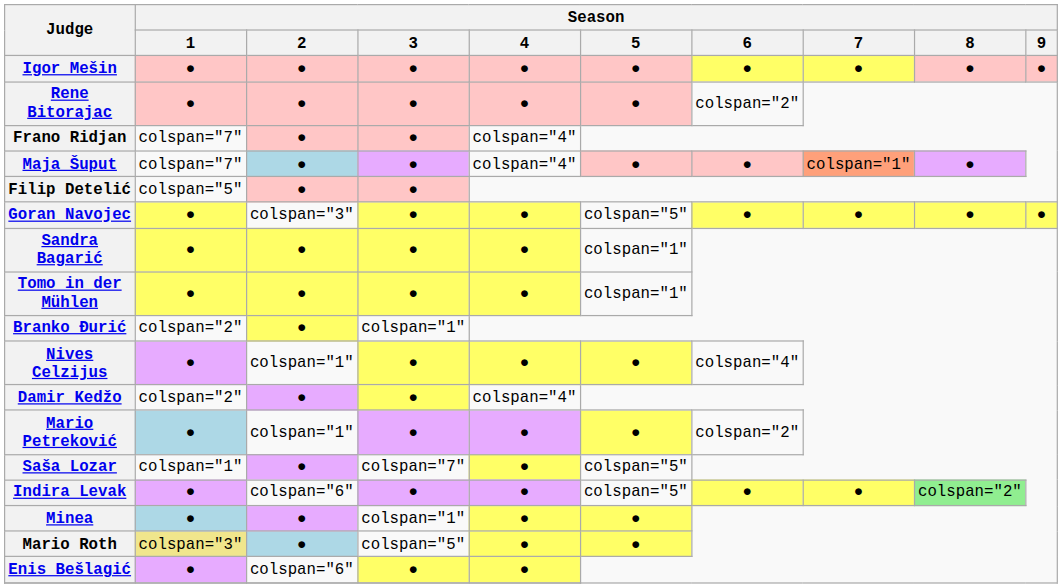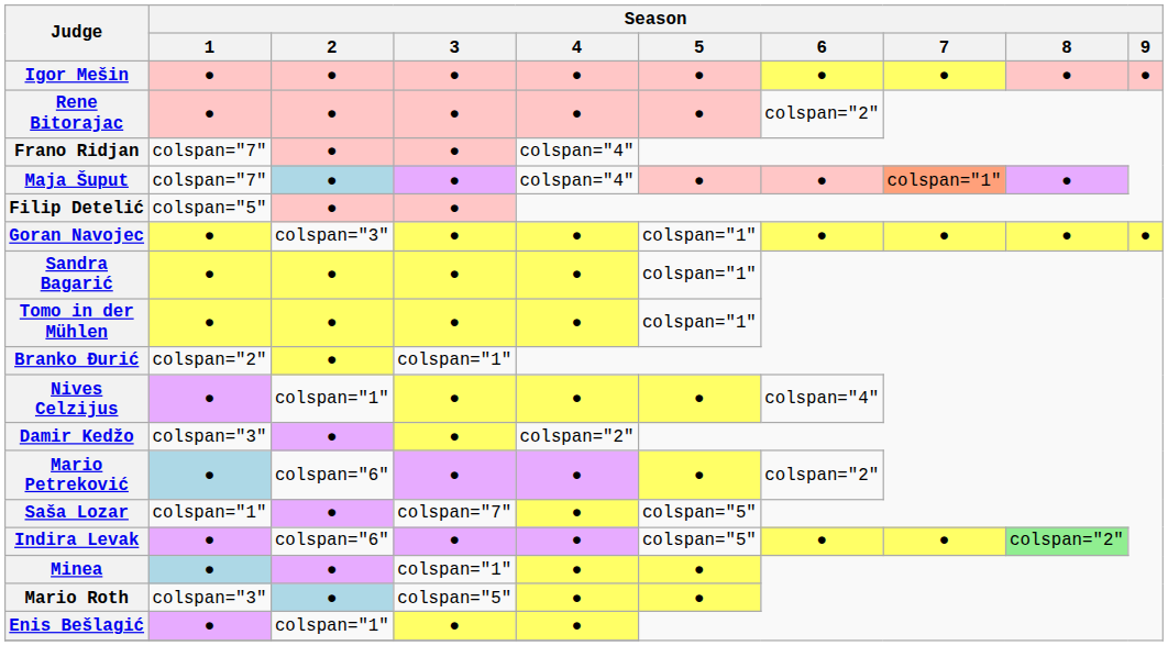 <table class="wikitable plainrowheaders" style="text-align:center">
 <tr>
 <th rowspan="2" style="width:20%;" scope="col">Judge</th>
 <th colspan="11">Season</th>
 </tr>
 <tr>
 <th style="width:7%;" scope="colspan">1</th>
 <th style="width:7%;" scope="colspan">2</th>
 <th style="width:7%;" scope="colspan">3</th>
 <th style="width:7%;" scope="colspan">4</th>
 <th style="width:7%;" scope="colspan">5</th>
 <th style="width:7%;" scope="colspan">6</th>
 <th style="width:7%;" scope="colspan">7</th>
 <th style="width:7%;" scope="colspan">8</th>
 <th style="width:7%;" scope="colspan">9</th>
 </tr>
 <tr>
 <th scope="row" style="text-align: center;"><a href='#'>Igor Mešin</a></th>
 <td bgcolor="ffc6c6">●</td>
 <td bgcolor="ffc6c6">●</td>
 <td bgcolor="ffc6c6">●</td>
 <td bgcolor="ffc6c6">●</td>
 <td bgcolor="ffc6c6">●</td>
 <td bgcolor="FFFF66">●</td>
 <td bgcolor="FFFF66">●</td>
 <td bgcolor="ffc6c6">●</td>
 <td bgcolor="ffc6c6">●</td>
 </tr>
 <tr>
 <th scope="row" style="text-align: center;"><a href='#'>Rene Bitorajac</a></th>
 <td bgcolor="ffc6c6">●</td>
 <td bgcolor="ffc6c6">●</td>
 <td bgcolor="ffc6c6">●</td>
 <td bgcolor="ffc6c6">●</td>
 <td bgcolor="ffc6c6">●</td>
 <td>colspan="2" </td>
 </tr>
 <tr>
 <th scope="row" style="text-align: center;">Frano Ridjan</th>
 <td>colspan="7" </td>
 <td bgcolor="ffc6c6">●</td>
 <td bgcolor="ffc6c6">●</td>
 <td>colspan="4" </td>
 </tr>
 <tr>
 <th scope="row" style="text-align: center;"><a href='#'>Maja Šuput</a></th>
 <td>colspan="7" </td>
 <td bgcolor="lightblue">●</td>
 <td bgcolor="#e7abff">●</td>
 <td>colspan="4" </td>
 <td bgcolor="ffc6c6">●</td>
 <td bgcolor="ffc6c6">●</td>
 <td style="background: lightsalmon;">colspan="1" </td>
 <td bgcolor="#e7abff">●</td>
 </tr>
 <tr>
 <th scope="row" style="text-align: center;">Filip Detelić</th>
 <td>colspan="5" </td>
 <td bgcolor="ffc6c6">●</td>
 <td bgcolor="ffc6c6">●</td>
 </tr>
 <tr>
 <th scope="row" style="text-align: center;"><a href='#'>Goran Navojec</a></th>
 <td bgcolor="FFFF66">●</td>
 <td>colspan="3" </td>
 <td bgcolor="FFFF66">●</td>
 <td bgcolor="FFFF66">●</td>
-<td>colspan="5" </td>
+<td>colspan="1" </td>
 <td bgcolor="FFFF66">●</td>
 <td bgcolor="FFFF66">●</td>
 <td bgcolor="FFFF66">●</td>
 <td bgcolor="FFFF66">●</td>
 </tr>
 <tr>
 <th scope="row" style="text-align: center;"><a href='#'>Sandra Bagarić</a></th>
 <td bgcolor="FFFF66">●</td>
 <td bgcolor="FFFF66">●</td>
 <td bgcolor="FFFF66">●</td>
 <td bgcolor="FFFF66">●</td>
 <td>colspan="1" </td>
 </tr>
 <tr>
 <th scope="row" style="text-align: center;"><a href='#'>Tomo in der Mühlen</a></th>
 <td bgcolor="FFFF66">●</td>
 <td bgcolor="FFFF66">●</td>
 <td bgcolor="FFFF66">●</td>
 <td bgcolor="FFFF66">●</td>
 <td>colspan="1" </td>
 </tr>
 <tr>
 <th scope="row" style="text-align: center;"><a href='#'>Branko Đurić</a></th>
 <td>colspan="2" </td>
 <td bgcolor="FFFF66">●</td>
 <td>colspan="1" </td>
 </tr>
 <tr>
 <th scope="row" style="text-align: center;"><a href='#'>Nives Celzijus</a></th>
 <td bgcolor="#e7abff">●</td>
 <td>colspan="1" </td>
 <td bgcolor="FFFF66">●</td>
 <td bgcolor="FFFF66">●</td>
 <td bgcolor="FFFF66">●</td>
 <td>colspan="4" </td>
 </tr>
 <tr>
 <th scope="row" style="text-align: center;"><a href='#'>Damir Kedžo</a></th>
-<td>colspan="2" </td>
+<td>colspan="3" </td>
 <td bgcolor="#e7abff">●</td>
 <td bgcolor="FFFF66">●</td>
-<td>colspan="4" </td>
+<td>colspan="2" </td>
 </tr>
 <tr>
 <th scope="row" style="text-align: center;"><a href='#'>Mario Petreković</a></th>
 <td bgcolor="lightblue">●</td>
-<td>colspan="1" </td>
+<td>colspan="6" </td>
 <td bgcolor="#e7abff">●</td>
 <td bgcolor="#e7abff">●</td>
 <td bgcolor="FFFF66">●</td>
 <td>colspan="2" </td>
 </tr>
 <tr>
 <th scope="row" style="text-align: center;"><a href='#'>Saša Lozar</a></th>
 <td>colspan="1" </td>
 <td bgcolor="#e7abff">●</td>
 <td>colspan="7" </td>
 <td bgcolor="FFFF66">●</td>
 <td>colspan="5" </td>
 </tr>
 <tr>
 <th scope="row" style="text-align: center;"><a href='#'>Indira Levak</a></th>
 <td bgcolor="#e7abff">●</td>
 <td>colspan="6" </td>
 <td bgcolor="#e7abff">●</td>
 <td bgcolor="#e7abff">●</td>
 <td>colspan="5" </td>
 <td bgcolor="FFFF66">●</td>
 <td bgcolor="FFFF66">●</td>
 <td style="background: lightgreen;">colspan="2" </td>
 </tr>
 <tr>
 <th scope="row" style="text-align: center;"><a href='#'>Minea</a></th>
 <td bgcolor="lightblue">●</td>
 <td bgcolor="#e7abff">●</td>
 <td>colspan="1" </td>
 <td bgcolor="FFFF66">●</td>
 <td bgcolor="FFFF66">●</td>
 </tr>
 <tr>
 <th scope="row" style="text-align: center;">Mario Roth</th>
-<td style="background: khaki;">colspan="3" </td>
+<td>colspan="3" </td>
 <td bgcolor="lightblue">●</td>
 <td>colspan="5" </td>
 <td bgcolor="FFFF66">●</td>
 <td bgcolor="FFFF66">●</td>
 </tr>
 <tr>
 <th scope="row" style="text-align: center;"><a href='#'>Enis Bešlagić</a></th>
 <td bgcolor="#e7abff">●</td>
-<td>colspan="6" </td>
+<td>colspan="1" </td>
 <td bgcolor="FFFF66">●</td>
 <td bgcolor="FFFF66">●</td>
 </tr>
 <tr>
 </tr>
 </table>
